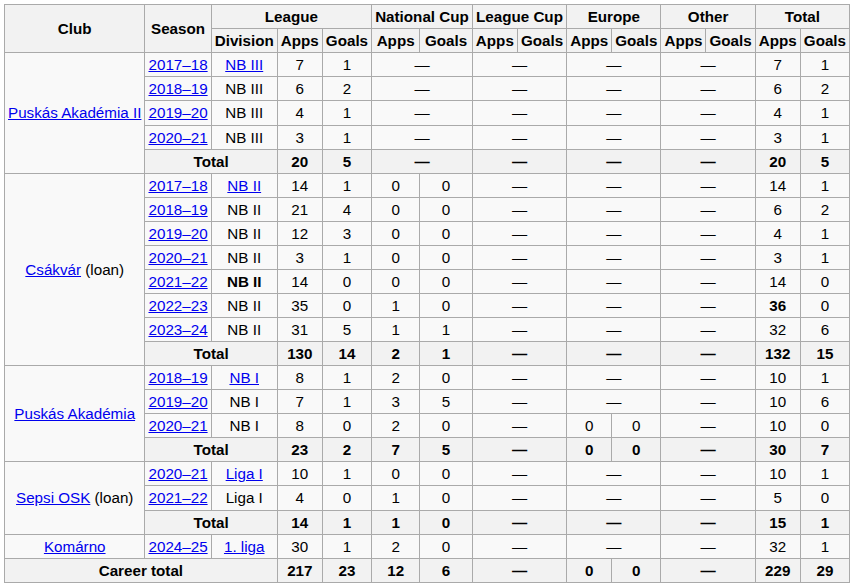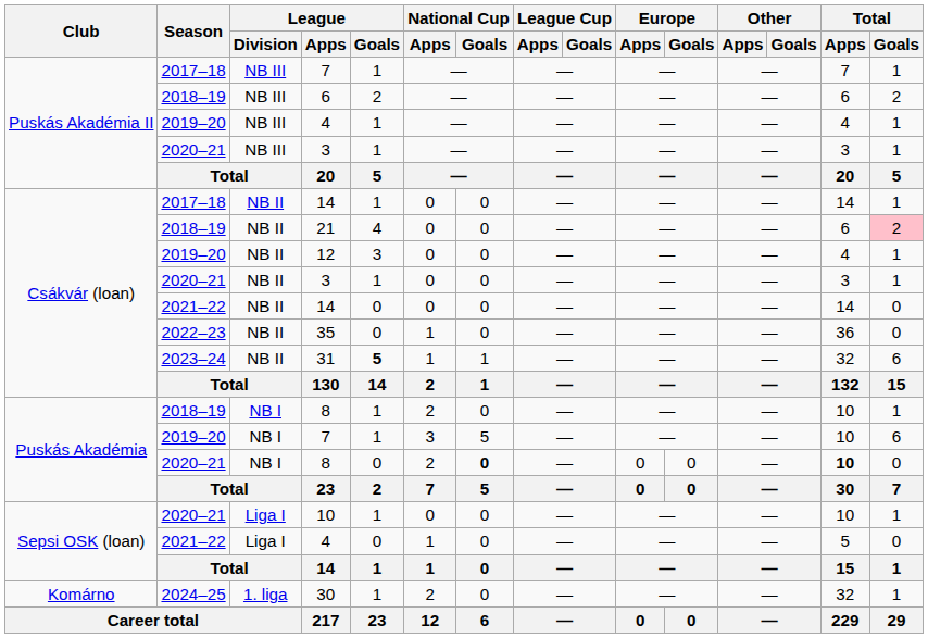 <table class="wikitable" style="font-size:95%; text-align: center;">
 <tr>
 <th rowspan=2>Club</th>
 <th rowspan=2>Season</th>
 <th colspan=3>League</th>
 <th colspan=2>National Cup</th>
 <th colspan=2>League Cup</th>
 <th colspan=2>Europe</th>
 <th colspan=2>Other</th>
 <th colspan=2>Total</th>
 </tr>
 <tr>
 <th>Division</th>
 <th>Apps</th>
 <th>Goals</th>
 <th>Apps</th>
 <th>Goals</th>
 <th>Apps</th>
 <th>Goals</th>
 <th>Apps</th>
 <th>Goals</th>
 <th>Apps</th>
 <th>Goals</th>
 <th>Apps</th>
 <th>Goals</th>
 </tr>
 <tr>
 <td rowspan="5"><a href='#'>Puskás Akadémia II</a></td>
 <td><a href='#'>2017–18</a></td>
 <td><a href='#'>NB III</a></td>
 <td>7</td>
 <td>1</td>
 <td colspan="2">—</td>
 <td colspan="2">—</td>
 <td colspan="2">—</td>
 <td colspan="2">—</td>
 <td>7</td>
 <td>1</td>
 </tr>
 <tr>
 <td><a href='#'>2018–19</a></td>
 <td>NB III</td>
 <td>6</td>
 <td>2</td>
 <td colspan="2">—</td>
 <td colspan="2">—</td>
 <td colspan="2">—</td>
 <td colspan="2">—</td>
 <td>6</td>
 <td>2</td>
 </tr>
 <tr>
 <td><a href='#'>2019–20</a></td>
 <td>NB III</td>
 <td>4</td>
 <td>1</td>
 <td colspan="2">—</td>
 <td colspan="2">—</td>
 <td colspan="2">—</td>
 <td colspan="2">—</td>
 <td>4</td>
 <td>1</td>
 </tr>
 <tr>
 <td><a href='#'>2020–21</a></td>
 <td>NB III</td>
 <td>3</td>
 <td>1</td>
 <td colspan="2">—</td>
 <td colspan="2">—</td>
 <td colspan="2">—</td>
 <td colspan="2">—</td>
 <td>3</td>
 <td>1</td>
 </tr>
 <tr>
 <th colspan="2">Total</th>
 <th>20</th>
 <th>5</th>
 <th colspan="2">—</th>
 <th colspan="2">—</th>
 <th colspan="2">—</th>
 <th colspan="2">—</th>
 <th>20</th>
 <th>5</th>
 </tr>
 <tr>
 <td rowspan="8"><a href='#'>Csákvár</a> (loan)</td>
 <td><a href='#'>2017–18</a></td>
 <td><a href='#'>NB II</a></td>
 <td>14</td>
 <td>1</td>
 <td>0</td>
 <td>0</td>
 <td colspan="2">—</td>
 <td colspan="2">—</td>
 <td colspan="2">—</td>
 <td>14</td>
 <td>1</td>
 </tr>
 <tr>
 <td><a href='#'>2018–19</a></td>
 <td>NB II</td>
 <td>21</td>
 <td>4</td>
 <td>0</td>
 <td>0</td>
 <td colspan="2">—</td>
 <td colspan="2">—</td>
 <td colspan="2">—</td>
 <td>6</td>
-<td>2</td>
+<td style="background: pink;">2</td>
 </tr>
 <tr>
 <td><a href='#'>2019–20</a></td>
 <td>NB II</td>
 <td>12</td>
 <td>3</td>
 <td>0</td>
 <td>0</td>
 <td colspan="2">—</td>
 <td colspan="2">—</td>
 <td colspan="2">—</td>
 <td>4</td>
 <td>1</td>
 </tr>
 <tr>
 <td><a href='#'>2020–21</a></td>
 <td>NB II</td>
 <td>3</td>
 <td>1</td>
 <td>0</td>
 <td>0</td>
 <td colspan="2">—</td>
 <td colspan="2">—</td>
 <td colspan="2">—</td>
 <td>3</td>
 <td>1</td>
 </tr>
 <tr>
 <td><a href='#'>2021–22</a></td>
-<td><strong>NB II</strong></td>
+<td>NB II</td>
 <td>14</td>
 <td>0</td>
 <td>0</td>
 <td>0</td>
 <td colspan="2">—</td>
 <td colspan="2">—</td>
 <td colspan="2">—</td>
 <td>14</td>
 <td>0</td>
 </tr>
 <tr>
 <td><a href='#'>2022–23</a></td>
 <td>NB II</td>
 <td>35</td>
 <td>0</td>
 <td>1</td>
 <td>0</td>
 <td colspan="2">—</td>
 <td colspan="2">—</td>
 <td colspan="2">—</td>
-<td><strong>36</strong></td>
+<td>36</td>
 <td>0</td>
 </tr>
 <tr>
 <td><a href='#'>2023–24</a></td>
 <td>NB II</td>
 <td>31</td>
-<td>5</td>
+<td><strong>5</strong></td>
 <td>1</td>
 <td>1</td>
 <td colspan="2">—</td>
 <td colspan="2">—</td>
 <td colspan="2">—</td>
 <td>32</td>
 <td>6</td>
 </tr>
 <tr>
 <th colspan="2">Total</th>
 <th>130</th>
 <th>14</th>
 <th>2</th>
 <th>1</th>
 <th colspan="2">—</th>
 <th colspan="2">—</th>
 <th colspan="2">—</th>
 <th>132</th>
 <th>15</th>
 </tr>
 <tr>
 <td rowspan="4"><a href='#'>Puskás Akadémia</a></td>
 <td><a href='#'>2018–19</a></td>
 <td><a href='#'>NB I</a></td>
 <td>8</td>
 <td>1</td>
 <td>2</td>
 <td>0</td>
 <td colspan="2">—</td>
 <td colspan="2">—</td>
 <td colspan="2">—</td>
 <td>10</td>
 <td>1</td>
 </tr>
 <tr>
 <td><a href='#'>2019–20</a></td>
 <td>NB I</td>
 <td>7</td>
 <td>1</td>
 <td>3</td>
 <td>5</td>
 <td colspan="2">—</td>
 <td colspan="2">—</td>
 <td colspan="2">—</td>
 <td>10</td>
 <td>6</td>
 </tr>
 <tr>
 <td><a href='#'>2020–21</a></td>
 <td>NB I</td>
 <td>8</td>
 <td>0</td>
 <td>2</td>
-<td>0</td>
+<td><strong>0</strong></td>
 <td colspan="2">—</td>
 <td>0</td>
 <td>0</td>
 <td colspan="2">—</td>
-<td>10</td>
+<td><strong>10</strong></td>
 <td>0</td>
 </tr>
 <tr>
 <th colspan="2">Total</th>
 <th>23</th>
 <th>2</th>
 <th>7</th>
 <th>5</th>
 <th colspan="2">—</th>
 <th>0</th>
 <th>0</th>
 <th colspan="2">—</th>
 <th>30</th>
 <th>7</th>
 </tr>
 <tr>
 <td rowspan="3"><a href='#'>Sepsi OSK</a> (loan)</td>
 <td><a href='#'>2020–21</a></td>
 <td><a href='#'>Liga I</a></td>
 <td>10</td>
 <td>1</td>
 <td>0</td>
 <td>0</td>
 <td colspan="2">—</td>
 <td colspan="2">—</td>
 <td colspan="2">—</td>
 <td>10</td>
 <td>1</td>
 </tr>
 <tr>
 <td><a href='#'>2021–22</a></td>
 <td>Liga I</td>
 <td>4</td>
 <td>0</td>
 <td>1</td>
 <td>0</td>
 <td colspan="2">—</td>
 <td colspan="2">—</td>
 <td colspan="2">—</td>
 <td>5</td>
 <td>0</td>
 </tr>
 <tr>
 <th colspan="2">Total</th>
 <th>14</th>
 <th>1</th>
 <th>1</th>
 <th>0</th>
 <th colspan="2">—</th>
 <th colspan="2">—</th>
 <th colspan="2">—</th>
 <th>15</th>
 <th>1</th>
 </tr>
 <tr>
 <td rowspan="1"><a href='#'>Komárno</a></td>
 <td><a href='#'>2024–25</a></td>
 <td><a href='#'>1. liga</a></td>
 <td>30</td>
 <td>1</td>
 <td>2</td>
 <td>0</td>
 <td colspan="2">—</td>
 <td colspan="2">—</td>
 <td colspan="2">—</td>
 <td>32</td>
 <td>1</td>
 </tr>
 <tr>
 <th colspan="3"><strong>Career total</strong></th>
 <th>217</th>
 <th>23</th>
 <th>12</th>
 <th>6</th>
 <th colspan="2">—</th>
 <th>0</th>
 <th>0</th>
 <th colspan="2">—</th>
 <th>229</th>
 <th>29</th>
 </tr>
 <tr>
 </tr>
 </table>
